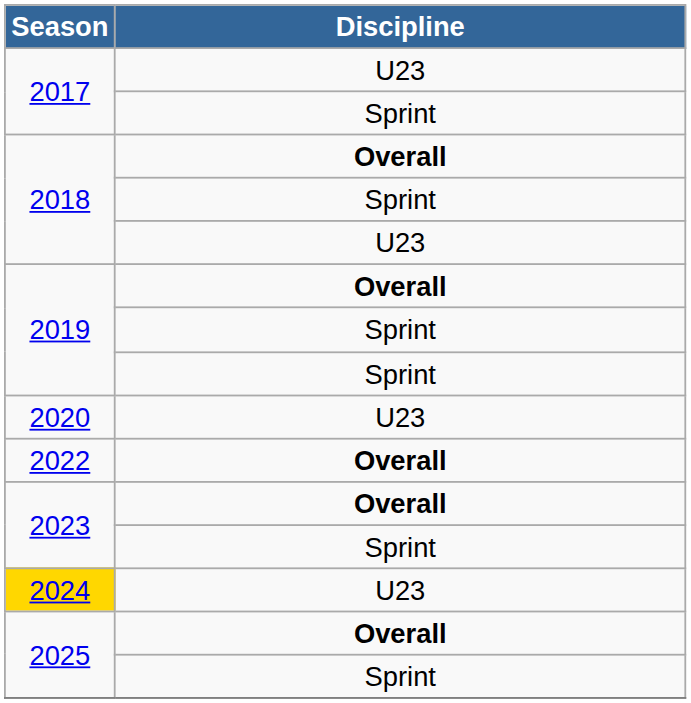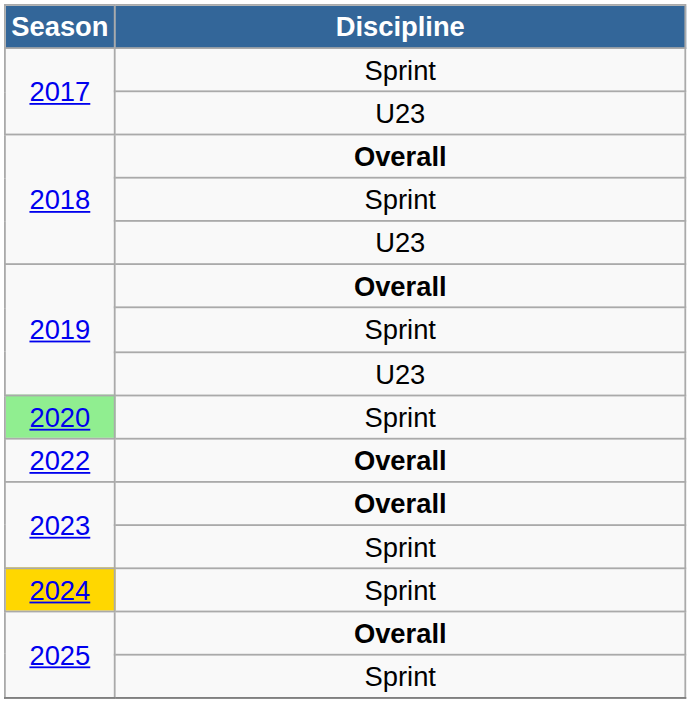 <table class="wikitable"  style="font-size:95%; text-align:center; border:gray solid 1px; width:30%;">
 <tr style="background:#369; color:white;">
 <td colspan="1" style="width:10%;"><strong>Season</strong></td>
 <td><strong>Discipline</strong></td>
 </tr>
 <tr>
 <td rowspan="2" align=center><a href='#'>2017</a></td>
-<td align=center>U23</td>
+<td align=center>Sprint</td>
 </tr>
 <tr>
-<td align=center>Sprint</td>
+<td align=center>U23</td>
 </tr>
 <tr>
 <td rowspan="3" align=center><a href='#'>2018</a></td>
 <td align=center><strong>Overall</strong></td>
 </tr>
 <tr>
 <td align=center>Sprint</td>
 </tr>
 <tr>
 <td align=center>U23</td>
 </tr>
 <tr>
 <td rowspan="3" align=center><a href='#'>2019</a></td>
 <td align=center><strong>Overall</strong></td>
 </tr>
 <tr>
 <td align=center>Sprint</td>
 </tr>
 <tr>
-<td align=center>Sprint</td>
+<td align=center>U23</td>
 </tr>
 <tr>
-<td><a href='#'>2020</a></td>
-<td align=center>U23</td>
+<td style="background: lightgreen;"><a href='#'>2020</a></td>
+<td>Sprint</td>
 </tr>
 <tr>
 <td align="center"><a href='#'>2022</a></td>
 <td align="center"><strong>Overall</strong></td>
 </tr>
 <tr>
 <td rowspan="2" align=center><a href='#'>2023</a></td>
 <td align=center><strong>Overall</strong></td>
 </tr>
 <tr>
 <td align=center>Sprint</td>
 </tr>
 <tr>
 <td style="background: gold;"><a href='#'>2024</a></td>
-<td align=center>U23</td>
+<td>Sprint</td>
 </tr>
 <tr>
 <td rowspan="2" align=center><a href='#'>2025</a></td>
 <td align=center><strong>Overall</strong></td>
 </tr>
 <tr>
 <td align=center>Sprint</td>
 </tr>
 <tr>
 </tr>
 </table>
